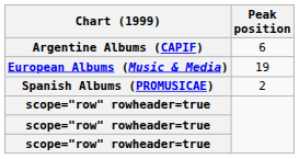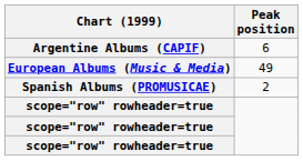 <table class="wikitable sortable plainrowheaders">
 <tr>
 <th>Chart (1999)</th>
 <th>Peak<br>position</th>
 </tr>
 <tr>
 <th scope="row">Argentine Albums (<a href='#'>CAPIF</a>)</th>
 <td style="text-align:center;">6</td>
 </tr>
 <tr>
 <th scope="row"><a href='#'>European Albums</a> (<em><a href='#'>Music & Media</a></em>)</th>
-<td align="center">19</td>
+<td align="center">49</td>
 </tr>
 <tr>
 <th scope="row">Spanish Albums (<a href='#'>PROMUSICAE</a>)</th>
 <td style="text-align:center;">2</td>
 </tr>
 <tr>
 <th>scope="row" rowheader=true</th>
 </tr>
 <tr>
 <th>scope="row" rowheader=true</th>
 </tr>
 <tr>
 <th>scope="row" rowheader=true</th>
 </tr>
 </table>
